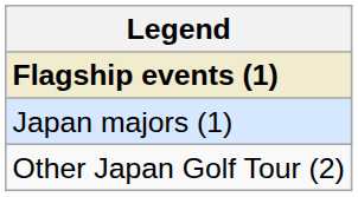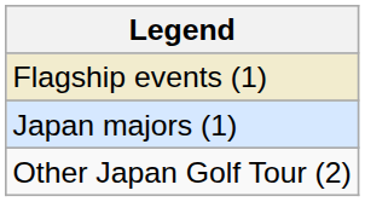 <table class="wikitable" style="font-size:95%;">
 <tr>
 <th>Legend</th>
 </tr>
 <tr style="background:#f2ecce;">
-<td><strong>Flagship events (1)</strong></td>
+<td>Flagship events (1)</td>
 </tr>
 <tr style="background:#D6E8FF;">
 <td>Japan majors (1)</td>
 </tr>
 <tr>
 <td>Other Japan Golf Tour (2)</td>
 </tr>
 </table>
